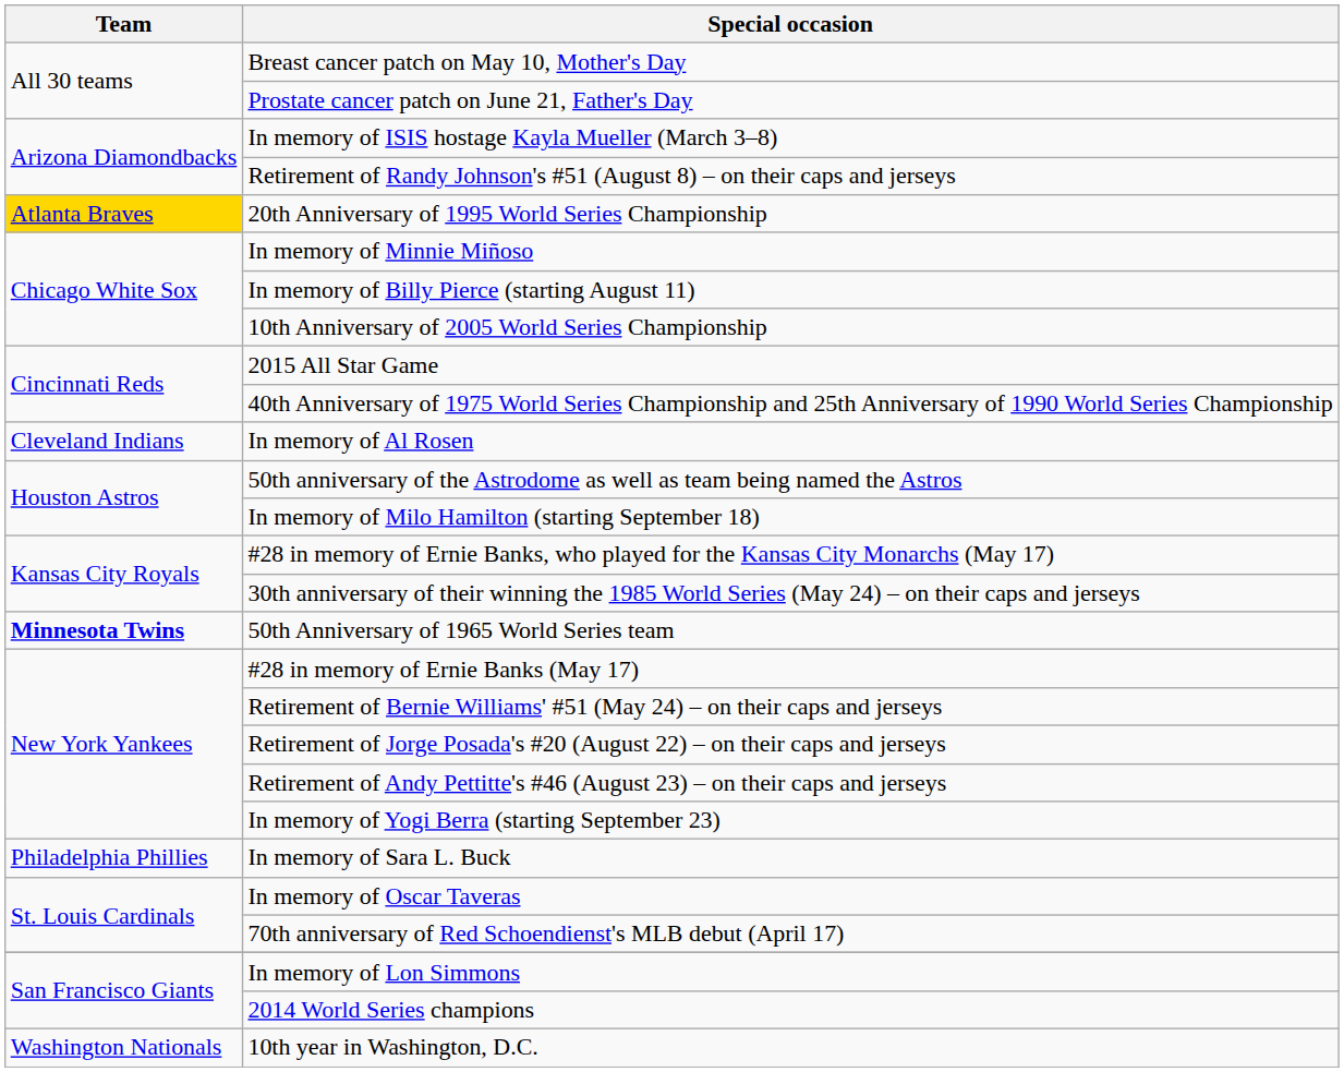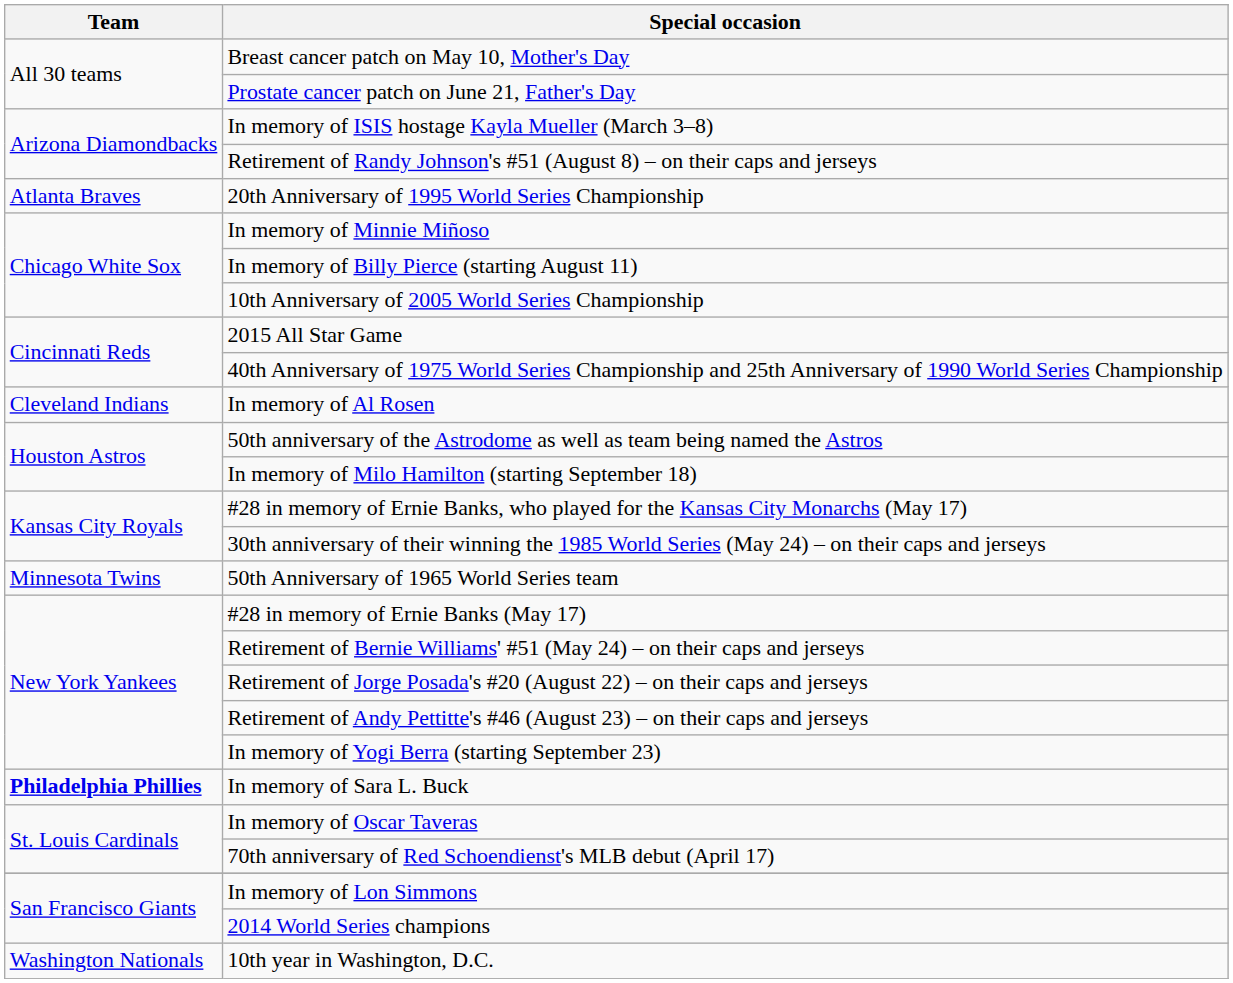 <table class="wikitable">
 <tr>
 <th>Team</th>
 <th>Special occasion</th>
 </tr>
 <tr>
 <td rowspan=2>All 30 teams</td>
 <td>Breast cancer patch on May 10, <a href='#'>Mother's Day</a></td>
 </tr>
 <tr>
 <td><a href='#'>Prostate cancer</a> patch on June 21, <a href='#'>Father's Day</a></td>
 </tr>
 <tr>
 <td rowspan=2><a href='#'>Arizona Diamondbacks</a></td>
 <td>In memory of <a href='#'>ISIS</a> hostage <a href='#'>Kayla Mueller</a> (March 3–8)</td>
 </tr>
 <tr>
 <td>Retirement of <a href='#'>Randy Johnson</a>'s #51 (August 8) – on their caps and jerseys</td>
 </tr>
 <tr>
-<td style="background: gold;"><a href='#'>Atlanta Braves</a></td>
+<td><a href='#'>Atlanta Braves</a></td>
 <td>20th Anniversary of <a href='#'>1995 World Series</a> Championship</td>
 </tr>
 <tr>
 <td rowspan=3><a href='#'>Chicago White Sox</a></td>
 <td>In memory of <a href='#'>Minnie Miñoso</a></td>
 </tr>
 <tr>
 <td>In memory of <a href='#'>Billy Pierce</a> (starting August 11)</td>
 </tr>
 <tr>
 <td>10th Anniversary of <a href='#'>2005 World Series</a> Championship</td>
 </tr>
 <tr>
 <td rowspan=2><a href='#'>Cincinnati Reds</a></td>
 <td>2015 All Star Game</td>
 </tr>
 <tr>
 <td>40th Anniversary of <a href='#'>1975 World Series</a> Championship and 25th Anniversary of <a href='#'>1990 World Series</a> Championship</td>
 </tr>
 <tr>
 <td><a href='#'>Cleveland Indians</a></td>
 <td>In memory of <a href='#'>Al Rosen</a></td>
 </tr>
 <tr>
 <td rowspan=2><a href='#'>Houston Astros</a></td>
 <td>50th anniversary of the <a href='#'>Astrodome</a> as well as team being named the <a href='#'>Astros</a></td>
 </tr>
 <tr>
 <td>In memory of <a href='#'>Milo Hamilton</a> (starting September 18)</td>
 </tr>
 <tr>
 <td rowspan=2><a href='#'>Kansas City Royals</a></td>
 <td>#28 in memory of Ernie Banks, who played for the <a href='#'>Kansas City Monarchs</a> (May 17)</td>
 </tr>
 <tr>
 <td>30th anniversary of their winning the <a href='#'>1985 World Series</a> (May 24) – on their caps and jerseys</td>
 </tr>
 <tr>
-<td><strong><a href='#'>Minnesota Twins</a></strong></td>
+<td><a href='#'>Minnesota Twins</a></td>
 <td>50th Anniversary of 1965 World Series team</td>
 </tr>
 <tr>
 <td rowspan=5><a href='#'>New York Yankees</a></td>
 <td>#28 in memory of Ernie Banks (May 17)</td>
 </tr>
 <tr>
 <td>Retirement of <a href='#'>Bernie Williams</a>' #51 (May 24) – on their caps and jerseys</td>
 </tr>
 <tr>
 <td>Retirement of <a href='#'>Jorge Posada</a>'s #20 (August 22) – on their caps and jerseys</td>
 </tr>
 <tr>
 <td>Retirement of <a href='#'>Andy Pettitte</a>'s #46 (August 23) – on their caps and jerseys</td>
 </tr>
 <tr>
 <td>In memory of <a href='#'>Yogi Berra</a> (starting September 23)</td>
 </tr>
 <tr>
-<td><a href='#'>Philadelphia Phillies</a></td>
+<td><strong><a href='#'>Philadelphia Phillies</a></strong></td>
 <td>In memory of Sara L. Buck</td>
 </tr>
 <tr>
 <td rowspan=2><a href='#'>St. Louis Cardinals</a></td>
 <td>In memory of <a href='#'>Oscar Taveras</a></td>
 </tr>
 <tr>
 <td>70th anniversary of <a href='#'>Red Schoendienst</a>'s MLB debut (April 17)</td>
 </tr>
 <tr>
 </tr>
 <tr>
 <td rowspan=2><a href='#'>San Francisco Giants</a></td>
 <td>In memory of <a href='#'>Lon Simmons</a></td>
 </tr>
 <tr>
 <td><a href='#'>2014 World Series</a> champions</td>
 </tr>
 <tr>
 <td><a href='#'>Washington Nationals</a></td>
 <td>10th year in Washington, D.C.</td>
 </tr>
 </table>
